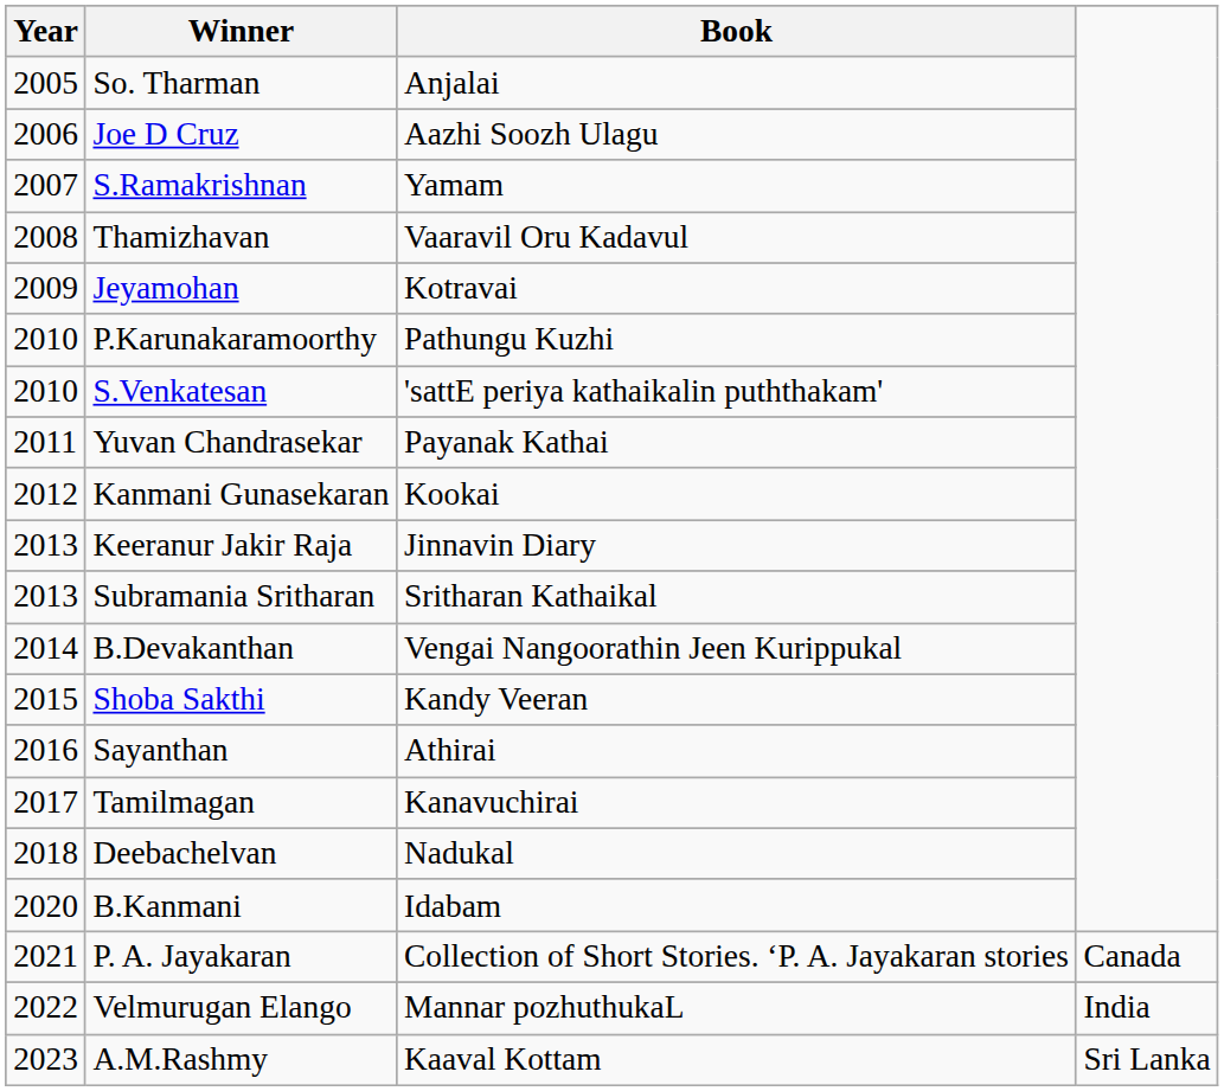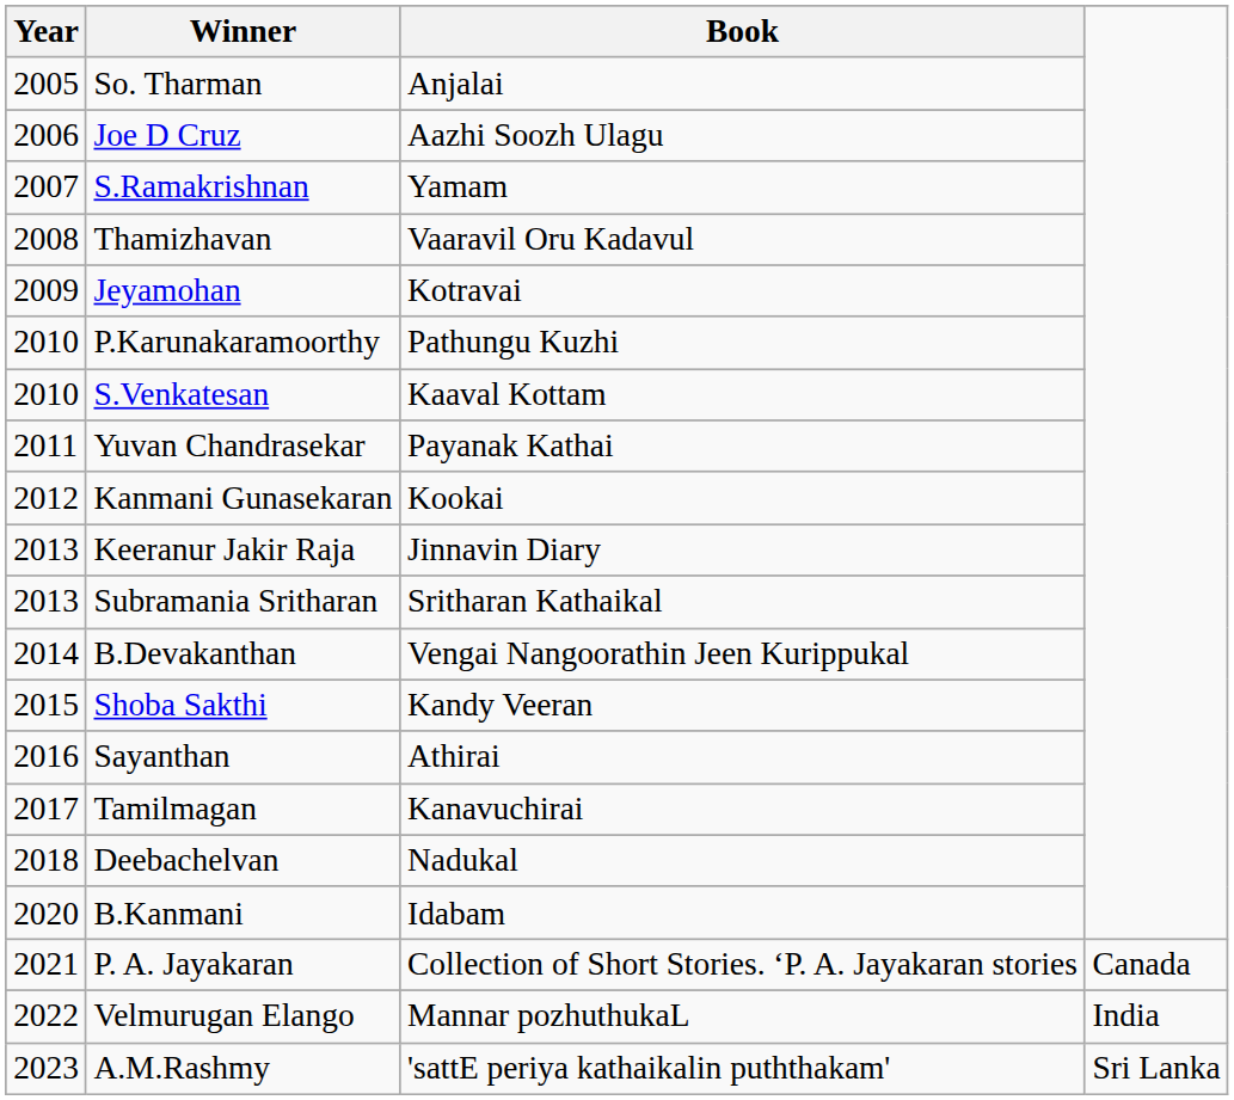 <table class="wikitable">
 <tr>
 <th>Year</th>
 <th>Winner</th>
 <th>Book</th>
 </tr>
 <tr>
 <td>2005</td>
 <td>So. Tharman</td>
 <td>Anjalai</td>
 </tr>
 <tr>
 <td>2006</td>
 <td><a href='#'>Joe D Cruz</a></td>
 <td>Aazhi Soozh Ulagu</td>
 </tr>
 <tr>
 <td>2007</td>
 <td><a href='#'>S.Ramakrishnan</a></td>
 <td>Yamam</td>
 </tr>
 <tr>
 <td>2008</td>
 <td>Thamizhavan</td>
 <td>Vaaravil Oru Kadavul</td>
 </tr>
 <tr>
 <td>2009</td>
 <td><a href='#'>Jeyamohan</a></td>
 <td>Kotravai</td>
 </tr>
 <tr>
 <td>2010</td>
 <td>P.Karunakaramoorthy</td>
 <td>Pathungu Kuzhi</td>
 </tr>
 <tr>
 <td>2010</td>
 <td><a href='#'>S.Venkatesan</a></td>
-<td>'sattE periya kathaikalin puththakam'</td>
+<td>Kaaval Kottam</td>
 </tr>
 <tr>
 <td>2011</td>
 <td>Yuvan Chandrasekar</td>
 <td>Payanak Kathai</td>
 </tr>
 <tr>
 <td>2012</td>
 <td>Kanmani Gunasekaran</td>
 <td>Kookai</td>
 </tr>
 <tr>
 <td>2013</td>
 <td>Keeranur Jakir Raja</td>
 <td>Jinnavin Diary</td>
 </tr>
 <tr>
 <td>2013</td>
 <td>Subramania Sritharan</td>
 <td>Sritharan Kathaikal</td>
 </tr>
 <tr>
 <td>2014</td>
 <td>B.Devakanthan</td>
 <td>Vengai Nangoorathin Jeen Kurippukal</td>
 </tr>
 <tr>
 <td>2015</td>
 <td><a href='#'>Shoba Sakthi</a></td>
 <td>Kandy Veeran</td>
 </tr>
 <tr>
 <td>2016</td>
 <td>Sayanthan</td>
 <td>Athirai</td>
 </tr>
 <tr>
 <td>2017</td>
 <td>Tamilmagan</td>
 <td>Kanavuchirai</td>
 </tr>
 <tr>
 <td>2018</td>
 <td>Deebachelvan</td>
 <td>Nadukal</td>
 </tr>
 <tr Canada>
 <td>2020</td>
 <td>B.Kanmani</td>
 <td>Idabam</td>
 </tr>
 <tr>
 <td>2021</td>
 <td>P. A. Jayakaran</td>
 <td>Collection of Short Stories. ‘P. A. Jayakaran stories</td>
 <td>Canada</td>
 </tr>
 <tr>
 <td>2022</td>
 <td>Velmurugan Elango</td>
 <td>Mannar pozhuthukaL</td>
 <td>India</td>
 </tr>
 <tr>
 <td>2023</td>
 <td>A.M.Rashmy</td>
-<td>Kaaval Kottam</td>
+<td>'sattE periya kathaikalin puththakam'</td>
 <td>Sri Lanka</td>
 </tr>
 </table>
